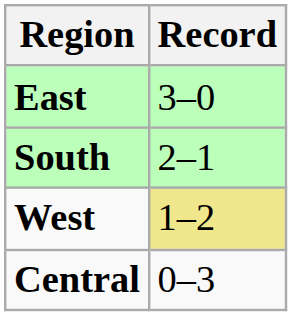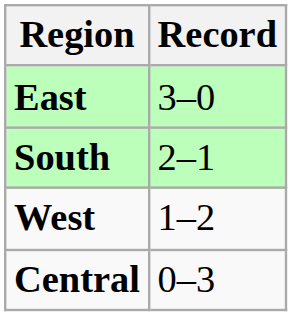 <table class="wikitable">
 <tr>
 <th>Region</th>
 <th>Record</th>
 </tr>
 <tr bgcolor=#bbffbb>
 <td><strong>East</strong></td>
 <td>3–0</td>
 </tr>
 <tr bgcolor=#bbffbb>
 <td><strong>South</strong></td>
 <td>2–1</td>
 </tr>
 <tr>
 <td><strong>West</strong></td>
-<td style="background: khaki;">1–2</td>
+<td>1–2</td>
 </tr>
 <tr>
 <td><strong>Central</strong></td>
 <td>0–3</td>
 </tr>
 </table>
